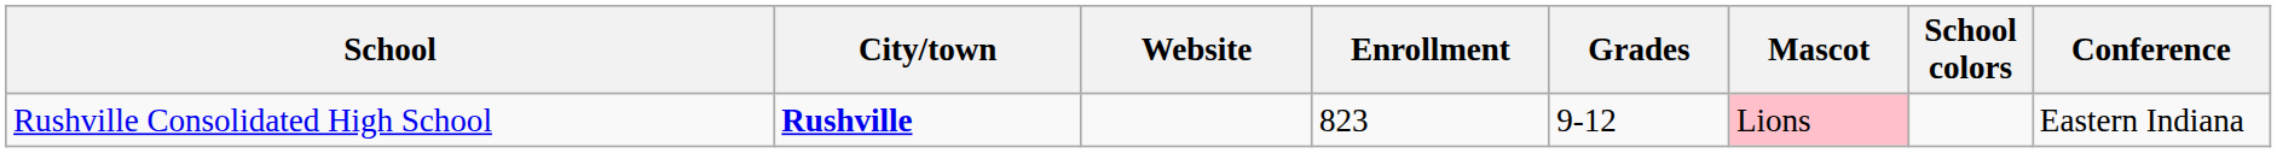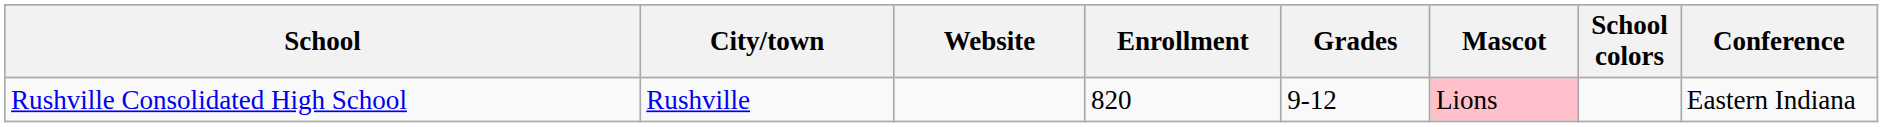 <table class="wikitable sortable" width="70%">
 <tr>
 <th width="20%">School</th>
 <th width="08%">City/town</th>
 <th width="06%">Website</th>
 <th width="04%">Enrollment</th>
 <th width="04%">Grades</th>
 <th width="04%">Mascot</th>
 <th width=01%>School colors</th>
 <th width="04%">Conference</th>
 </tr>
 <tr>
 <td><a href='#'>Rushville Consolidated High School</a></td>
-<td><strong><a href='#'>Rushville</a></strong></td>
+<td><a href='#'>Rushville</a></td>
 <td></td>
-<td>823</td>
+<td>820</td>
 <td>9-12</td>
 <td style="background: pink;">Lions</td>
 <td>  </td>
 <td>Eastern Indiana</td>
 </tr>
 </table>
